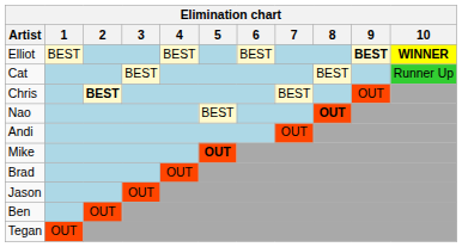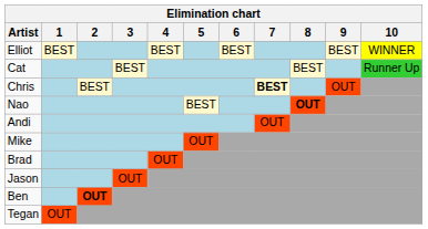 <table class="wikitable" style="text-align:center">
 <tr>
 <th colspan="16">Elimination chart</th>
 </tr>
 <tr>
 <th align="left">Artist</th>
 <th>1</th>
 <th>2</th>
 <th>3</th>
 <th>4</th>
 <th>5</th>
 <th>6</th>
 <th>7</th>
 <th>8</th>
 <th>9</th>
 <th>10</th>
 </tr>
 <tr>
 <td align="left">Elliot</td>
 <td style="background:LemonChiffon;">BEST</td>
 <td colspan="2" style="background:Lightblue;"></td>
 <td style="background:LemonChiffon;">BEST</td>
 <td style="background:Lightblue;"></td>
 <td style="background:LemonChiffon;">BEST</td>
 <td colspan="2" style="background:Lightblue;"></td>
-<td style="background:LemonChiffon;"><strong>BEST</strong></td>
-<td style="background:Yellow;"><strong>WINNER</strong></td>
+<td style="background:LemonChiffon;">BEST</td>
+<td style="background:Yellow;">WINNER</td>
 </tr>
 <tr>
 <td align="left">Cat</td>
 <td colspan="2" style="background:Lightblue;"></td>
 <td style="background:LemonChiffon;">BEST</td>
 <td colspan="4" style="background:Lightblue;"></td>
 <td style="background:LemonChiffon;">BEST</td>
 <td style="background:Lightblue;"></td>
 <td style="background:LimeGreen;">Runner Up</td>
 </tr>
 <tr>
 <td align="left">Chris</td>
 <td style="background:Lightblue;"></td>
+<td style="background:LemonChiffon;">BEST</td>
+<td colspan="4" style="background:Lightblue;"></td>
 <td style="background:LemonChiffon;"><strong>BEST</strong></td>
-<td colspan="4" style="background:Lightblue;"></td>
-<td style="background:LemonChiffon;">BEST</td>
 <td style="background:Lightblue;"></td>
 <td style="background:orangered;">OUT</td>
 <td style="background:darkgrey;"></td>
 </tr>
 <tr>
 <td align="left">Nao</td>
 <td colspan="4" style="background:Lightblue;"></td>
 <td style="background:LemonChiffon;">BEST</td>
 <td colspan="2" style="background:Lightblue;"></td>
 <td style="background:orangered;"><strong>OUT</strong></td>
 <td colspan="2" style="background:darkgrey;"></td>
 </tr>
 <tr>
 <td align="left">Andi</td>
 <td colspan="6" style="background:Lightblue;"></td>
 <td style="background:orangered;">OUT</td>
 <td colspan="3" style="background:darkgrey;"></td>
 </tr>
 <tr>
 <td align="left">Mike</td>
 <td colspan="4" style="background:Lightblue;"></td>
-<td style="background:orangered;"><strong>OUT</strong></td>
+<td style="background:orangered;">OUT</td>
 <td colspan="5" style="background:darkgrey;"></td>
 </tr>
 <tr>
 <td align="left">Brad</td>
 <td colspan="3" style="background:Lightblue;"></td>
 <td style="background:orangered;">OUT</td>
 <td colspan="6" style="background:darkgrey;"></td>
 </tr>
 <tr>
 <td align="left">Jason</td>
 <td colspan="2" style="background:Lightblue;"></td>
 <td style="background:orangered;">OUT</td>
 <td colspan="7" style="background:darkgrey;"></td>
 </tr>
 <tr>
 <td align="left">Ben</td>
 <td style="background:Lightblue;"></td>
-<td style="background:orangered;">OUT</td>
+<td style="background:orangered;"><strong>OUT</strong></td>
 <td colspan="8" style="background:darkgrey;"></td>
 </tr>
 <tr>
 <td align="left">Tegan</td>
 <td style="background:orangered;">OUT</td>
 <td colspan="9" style="background:darkgrey;"></td>
 </tr>
 </table>
